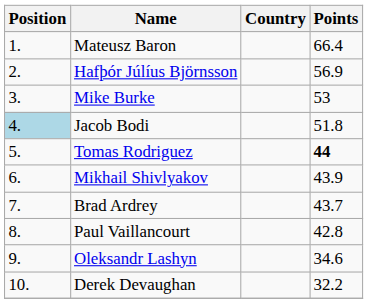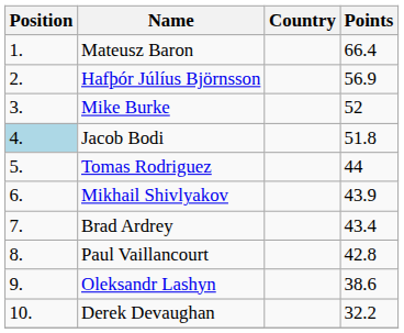 <table class="wikitable sortable" style="display: inline-table">
 <tr>
 <th>Position</th>
 <th>Name</th>
 <th>Country</th>
 <th>Points</th>
 </tr>
 <tr>
 <td>1.</td>
 <td>Mateusz Baron</td>
 <td></td>
 <td>66.4</td>
 </tr>
 <tr>
 <td>2.</td>
 <td><a href='#'>Hafþór Júlíus Björnsson</a></td>
 <td></td>
 <td>56.9</td>
 </tr>
 <tr>
 <td>3.</td>
 <td><a href='#'>Mike Burke</a></td>
 <td></td>
-<td>53</td>
+<td>52</td>
 </tr>
 <tr>
 <td style="background: lightblue;">4.</td>
 <td>Jacob Bodi</td>
 <td></td>
 <td>51.8</td>
 </tr>
 <tr>
 <td>5.</td>
 <td><a href='#'>Tomas Rodriguez</a></td>
 <td></td>
-<td><strong>44</strong></td>
+<td>44</td>
 </tr>
 <tr>
 <td>6.</td>
 <td><a href='#'>Mikhail Shivlyakov</a></td>
 <td></td>
 <td>43.9</td>
 </tr>
 <tr>
 <td>7.</td>
 <td>Brad Ardrey</td>
 <td></td>
-<td>43.7</td>
+<td>43.4</td>
 </tr>
 <tr>
 <td>8.</td>
 <td>Paul Vaillancourt</td>
 <td></td>
 <td>42.8</td>
 </tr>
 <tr>
 <td>9.</td>
 <td><a href='#'>Oleksandr Lashyn</a></td>
 <td></td>
-<td>34.6</td>
+<td>38.6</td>
 </tr>
 <tr>
 <td>10.</td>
 <td>Derek Devaughan</td>
 <td></td>
 <td>32.2</td>
 </tr>
 <tr>
 </tr>
 </table>
